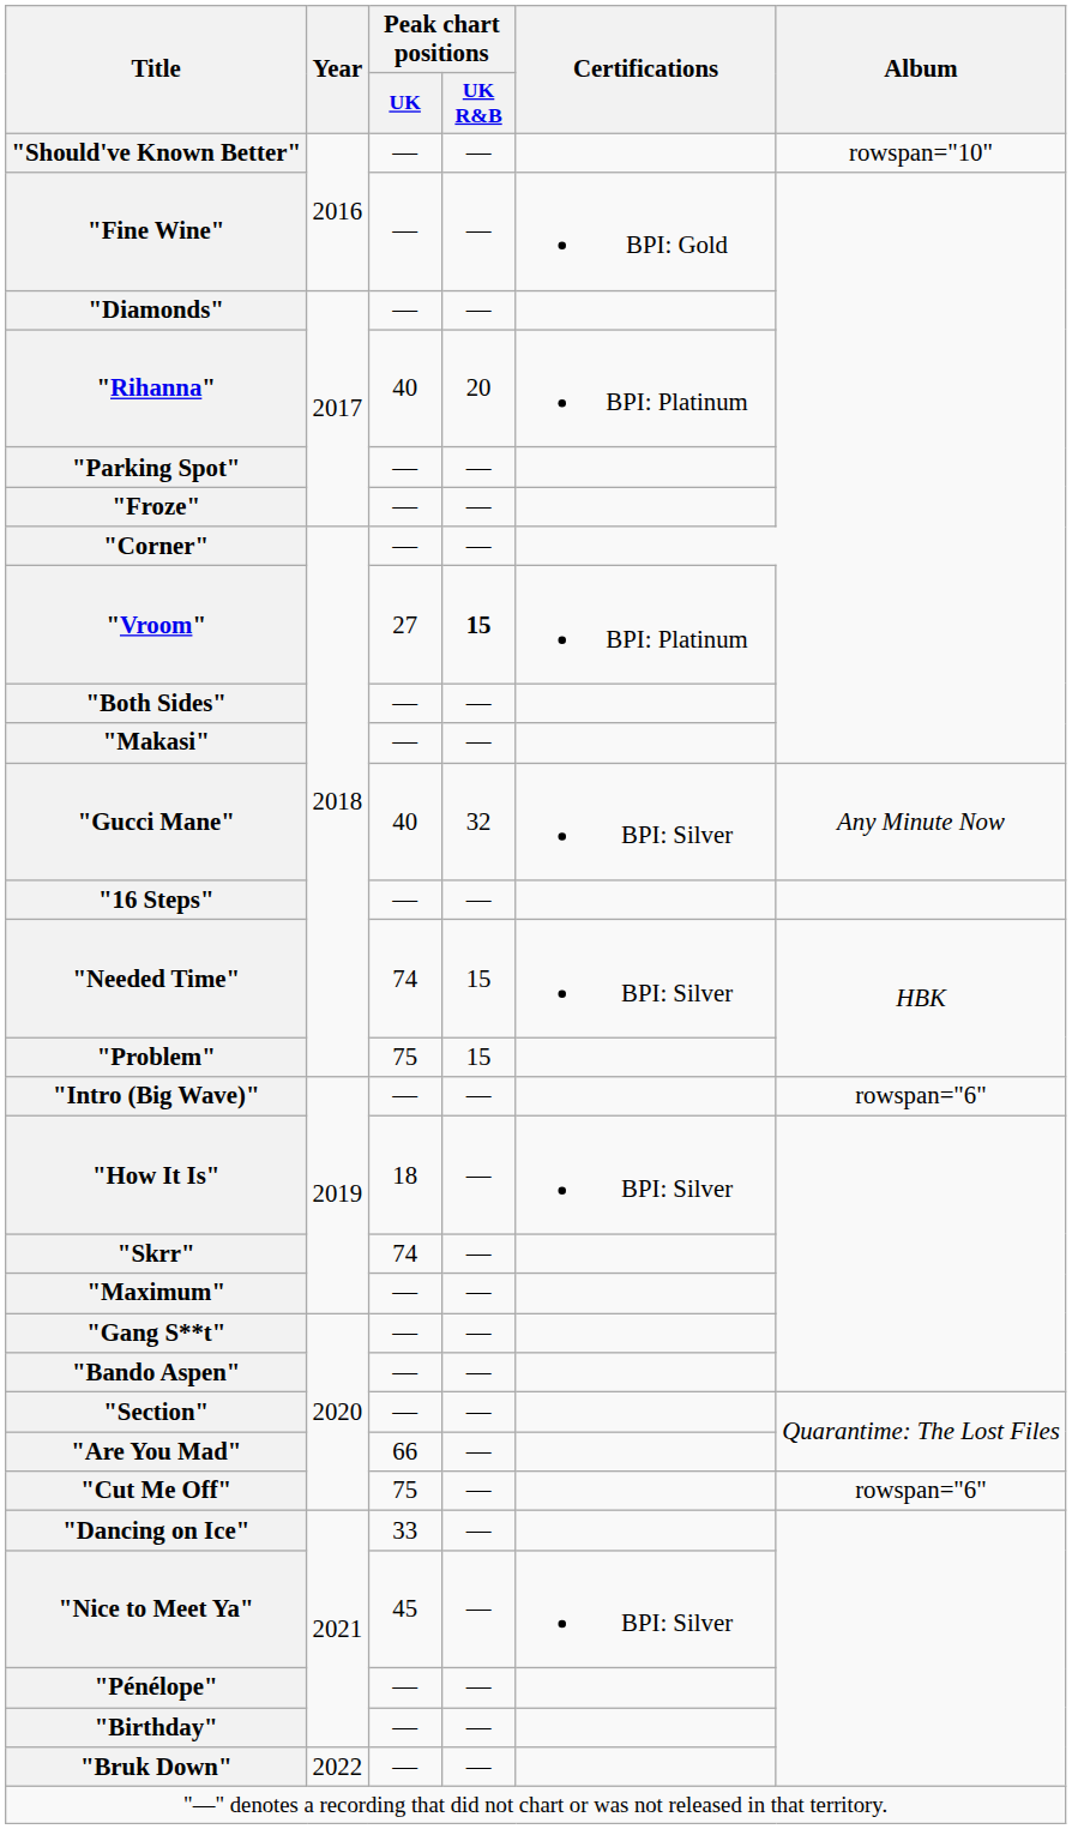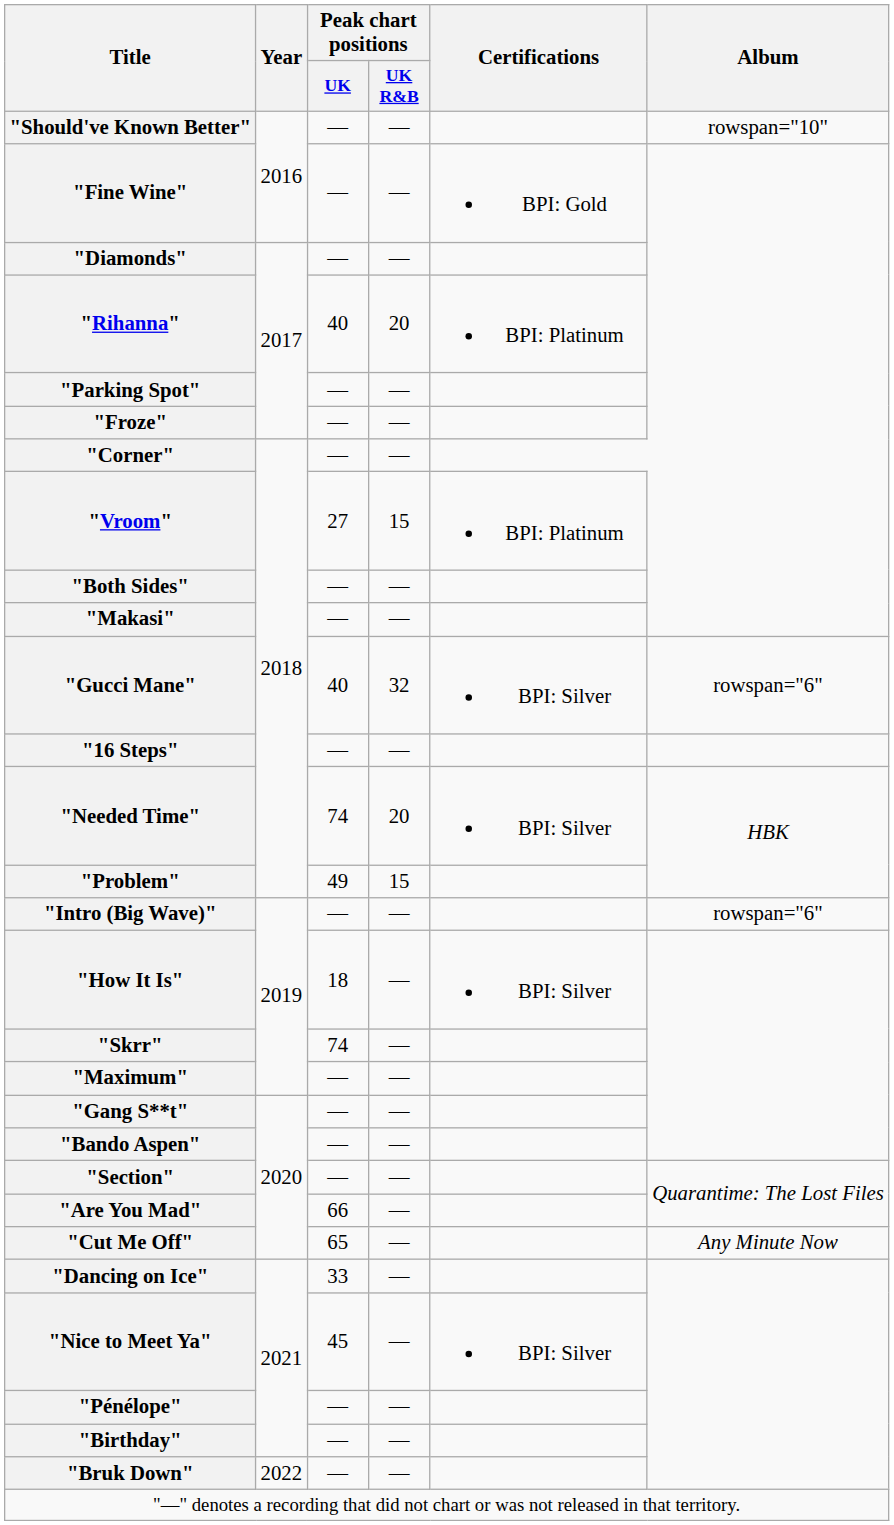 <table class="wikitable plainrowheaders" style="text-align:center;">
 <tr>
 <th scope="col" rowspan="2">Title</th>
 <th scope="col" rowspan="2">Year</th>
 <th scope="col" colspan="2">Peak chart positions</th>
 <th scope="col" rowspan="2" style="width:10em;">Certifications</th>
 <th scope="col" rowspan="2">Album</th>
 </tr>
 <tr>
 <th scope="col" style="width:3em;font-size:85%;"><a href='#'>UK</a><br></th>
 <th scope="col" style="width:3em;font-size:85%;"><a href='#'>UK<br>R&B</a><br></th>
 </tr>
 <tr>
 <th scope="row">"Should've Known Better"</th>
 <td rowspan="2">2016</td>
 <td>—</td>
 <td>—</td>
 <td></td>
 <td>rowspan="10" </td>
 </tr>
 <tr>
 <th scope="row">"Fine Wine"<br></th>
 <td>—</td>
 <td>—</td>
 <td><br><ul><li>BPI: Gold</li></ul></td>
 </tr>
 <tr>
 <th scope="row">"Diamonds"<br></th>
 <td rowspan="4">2017</td>
 <td>—</td>
 <td>—</td>
 <td></td>
 </tr>
 <tr>
 <th scope="row">"<a href='#'>Rihanna</a>"</th>
 <td>40</td>
 <td>20</td>
 <td><br><ul><li>BPI: Platinum</li></ul></td>
 </tr>
 <tr>
 <th scope="row">"Parking Spot"<br></th>
 <td>—</td>
 <td>—</td>
 <td></td>
 </tr>
 <tr>
 <th scope="row">"Froze"</th>
 <td>—</td>
 <td>—</td>
 <td></td>
 </tr>
 <tr>
 <th scope="row">"Corner"<br></th>
 <td rowspan="8">2018</td>
 <td>—</td>
 <td>—</td>
 </tr>
 <tr>
 <th scope="row">"<a href='#'>Vroom</a>"</th>
 <td>27</td>
-<td><strong>15</strong></td>
+<td>15</td>
 <td><br><ul><li>BPI: Platinum</li></ul></td>
 </tr>
 <tr>
 <th scope="row">"Both Sides"</th>
 <td>—</td>
 <td>—</td>
 <td></td>
 </tr>
 <tr>
 <th scope="row">"Makasi"<br></th>
 <td>—</td>
 <td>—</td>
 <td></td>
 </tr>
 <tr>
 <th scope="row">"Gucci Mane"<br></th>
 <td>40</td>
 <td>32</td>
 <td><br><ul><li>BPI: Silver</li></ul></td>
-<td><em>Any Minute Now</em></td>
+<td>rowspan="6" </td>
 </tr>
 <tr>
 <th scope="row">"16 Steps"<br></th>
 <td>—</td>
 <td>—</td>
 <td></td>
 <td></td>
 </tr>
 <tr>
 <th scope="row">"Needed Time"</th>
 <td>74</td>
-<td>15</td>
+<td>20</td>
 <td><br><ul><li>BPI: Silver</li></ul></td>
 <td rowspan="2"><em>HBK</em></td>
 </tr>
 <tr>
 <th scope="row">"Problem"<br></th>
-<td>75</td>
+<td>49</td>
 <td>15</td>
 <td></td>
 </tr>
 <tr>
 <th scope="row">"Intro (Big Wave)"<br></th>
 <td rowspan="4">2019</td>
 <td>—</td>
 <td>—</td>
 <td></td>
 <td>rowspan="6" </td>
 </tr>
 <tr>
 <th scope="row">"How It Is"<br></th>
 <td>18</td>
 <td>—</td>
 <td><br><ul><li>BPI: Silver</li></ul></td>
 </tr>
 <tr>
 <th scope="row">"Skrr"<br></th>
 <td>74</td>
 <td>—</td>
 <td></td>
 </tr>
 <tr>
 <th scope="row">"Maximum"</th>
 <td>—</td>
 <td>—</td>
 <td></td>
 </tr>
 <tr>
 <th scope="row">"Gang S**t"</th>
 <td rowspan="5">2020</td>
 <td>—</td>
 <td>—</td>
 <td></td>
 </tr>
 <tr>
 <th scope="row">"Bando Aspen"<br></th>
 <td>—</td>
 <td>—</td>
 <td></td>
 </tr>
 <tr>
 <th scope="row">"Section"</th>
 <td>—</td>
 <td>—</td>
 <td></td>
 <td rowspan="2"><em>Quarantime: The Lost Files</em></td>
 </tr>
 <tr>
 <th scope="row">"Are You Mad"<br></th>
 <td>66</td>
 <td>—</td>
 <td></td>
 </tr>
 <tr>
 <th scope="row">"Cut Me Off"<br></th>
-<td>75</td>
+<td>65</td>
 <td>—</td>
 <td></td>
-<td>rowspan="6" </td>
+<td><em>Any Minute Now</em></td>
 </tr>
 <tr>
 <th scope="row">"Dancing on Ice"<br></th>
 <td rowspan="4">2021</td>
 <td>33</td>
 <td>—</td>
 <td></td>
 </tr>
 <tr>
 <th scope="row">"Nice to Meet Ya"<br></th>
 <td>45</td>
 <td>—</td>
 <td><br><ul><li>BPI: Silver</li></ul></td>
 </tr>
 <tr>
 <th scope="row">"Pénélope"<br></th>
 <td>—</td>
 <td>—</td>
 <td></td>
 </tr>
 <tr>
 <th scope="row">"Birthday"<br></th>
 <td>—</td>
 <td>—</td>
 <td></td>
 </tr>
 <tr>
 <th scope="row">"Bruk Down"<br></th>
 <td rowspan="1">2022</td>
 <td>—</td>
 <td>—</td>
 <td></td>
 </tr>
 <tr>
 <td colspan="10" style="font-size:90%">"—" denotes a recording that did not chart or was not released in that territory.</td>
 </tr>
 </table>
